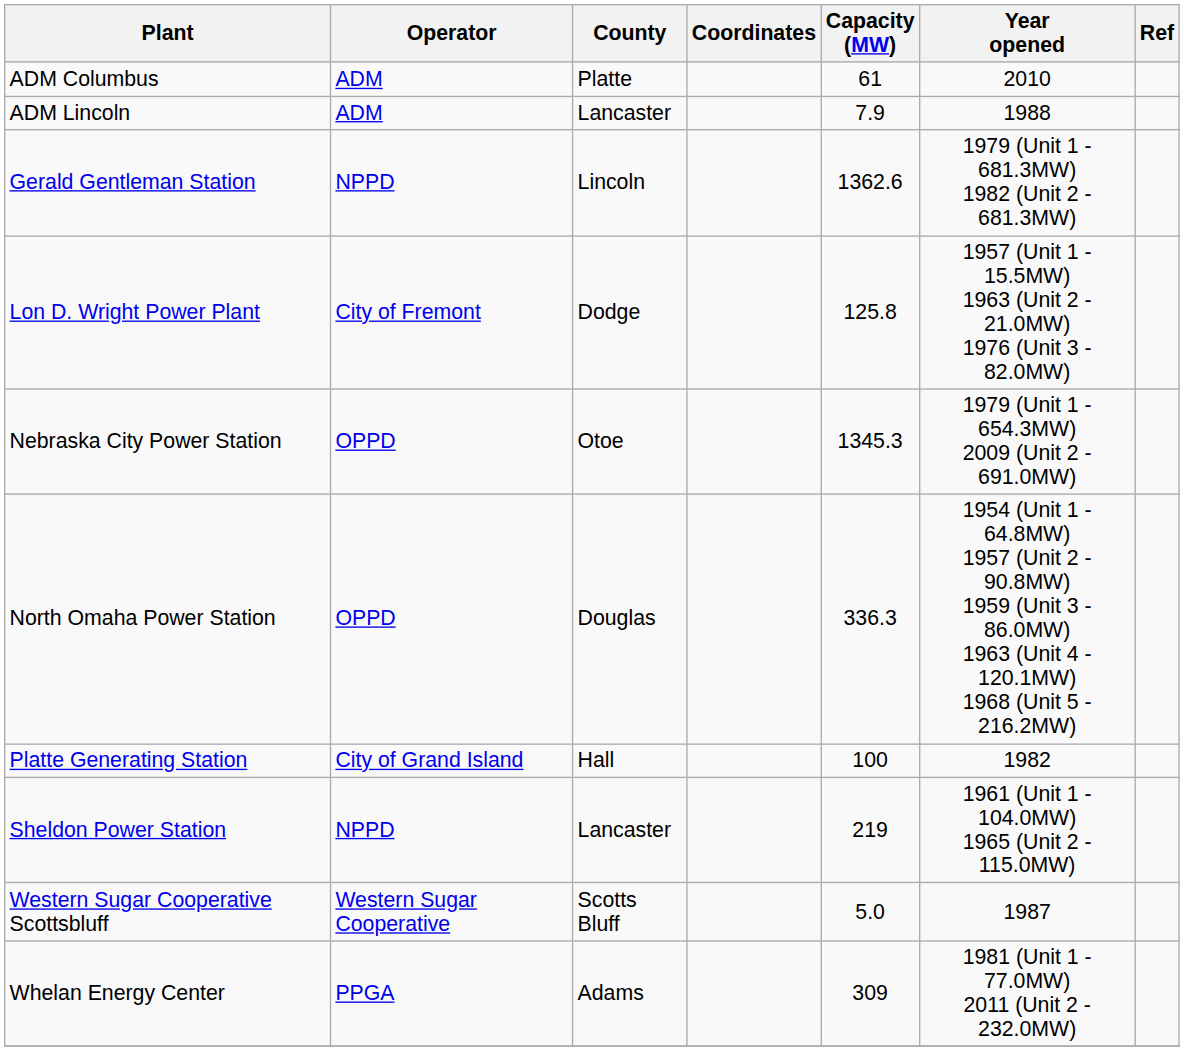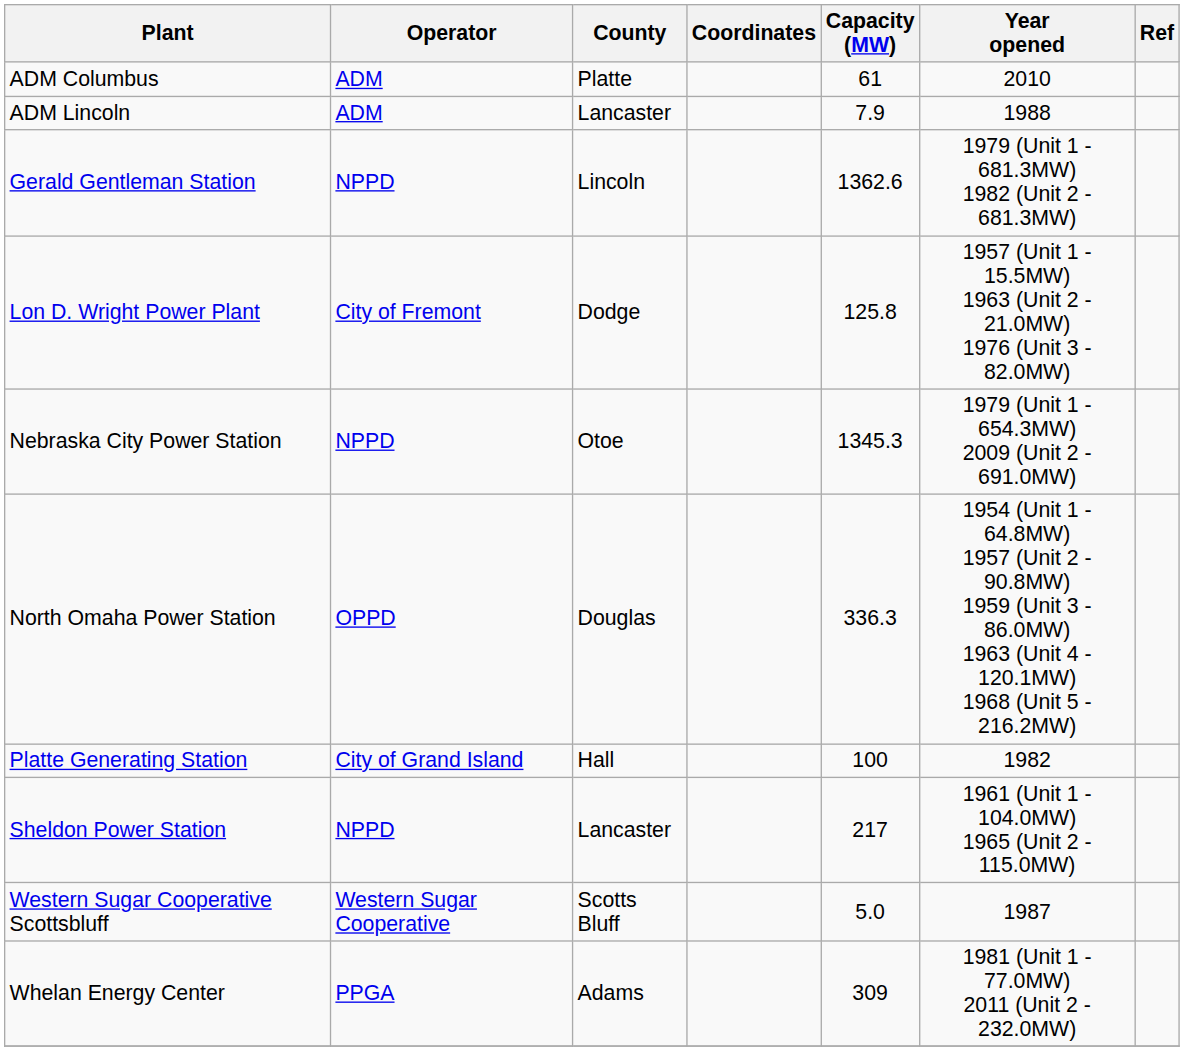 <table class="wikitable sortable" width="100%">
 <tr>
 <th>Plant</th>
 <th>Operator</th>
 <th>County</th>
 <th>Coordinates</th>
 <th>Capacity<br>(<a href='#'>MW</a>)</th>
 <th>Year<br>opened</th>
 <th>Ref</th>
 </tr>
 <tr>
 <td>ADM Columbus</td>
 <td><a href='#'>ADM</a></td>
 <td>Platte</td>
 <td></td>
 <td align="center">61</td>
 <td align="center">2010</td>
 <td></td>
 </tr>
 <tr>
 <td>ADM Lincoln</td>
 <td><a href='#'>ADM</a></td>
 <td>Lancaster</td>
 <td></td>
 <td align="center">7.9</td>
 <td align="center">1988</td>
 <td></td>
 </tr>
 <tr>
 <td><a href='#'>Gerald Gentleman Station</a></td>
 <td><a href='#'>NPPD</a></td>
 <td>Lincoln</td>
 <td></td>
 <td align="center">1362.6</td>
 <td align="center">1979 (Unit 1 - 681.3MW)<br>1982 (Unit 2 - 681.3MW)</td>
 <td></td>
 </tr>
 <tr>
 <td><a href='#'>Lon D. Wright Power Plant</a></td>
 <td><a href='#'>City of Fremont</a></td>
 <td>Dodge</td>
 <td></td>
 <td align="center">125.8</td>
 <td align="center">1957 (Unit 1 - 15.5MW)<br>1963 (Unit 2 - 21.0MW)<br>1976 (Unit 3 - 82.0MW)</td>
 <td></td>
 </tr>
 <tr>
 <td>Nebraska City Power Station</td>
-<td><a href='#'>OPPD</a></td>
+<td><a href='#'>NPPD</a></td>
 <td>Otoe</td>
 <td></td>
 <td align="center">1345.3</td>
 <td align="center">1979 (Unit 1 - 654.3MW)<br>2009 (Unit 2 - 691.0MW)</td>
 <td><br> </td>
 </tr>
 <tr>
 <td>North Omaha Power Station</td>
 <td><a href='#'>OPPD</a></td>
 <td>Douglas</td>
 <td></td>
 <td align="center">336.3</td>
 <td align="center">1954 (Unit 1 - 64.8MW)<br>1957 (Unit 2 - 90.8MW)<br>1959 (Unit 3 - 86.0MW)<br>1963 (Unit 4 - 120.1MW)<br>1968 (Unit 5 - 216.2MW)</td>
 <td></td>
 </tr>
 <tr>
 <td><a href='#'>Platte Generating Station</a></td>
 <td><a href='#'>City of Grand Island</a></td>
 <td>Hall</td>
 <td></td>
 <td align="center">100</td>
 <td align="center">1982</td>
 <td></td>
 </tr>
 <tr>
 <td><a href='#'>Sheldon Power Station</a></td>
 <td><a href='#'>NPPD</a></td>
 <td>Lancaster</td>
 <td></td>
-<td align="center">219</td>
+<td align="center">217</td>
 <td align="center">1961 (Unit 1 - 104.0MW)<br>1965 (Unit 2 - 115.0MW)</td>
 <td></td>
 </tr>
 <tr>
 <td><a href='#'>Western Sugar Cooperative</a> Scottsbluff</td>
 <td><a href='#'>Western Sugar Cooperative</a></td>
 <td>Scotts Bluff</td>
 <td></td>
 <td align="center">5.0</td>
 <td align="center">1987</td>
 <td></td>
 </tr>
 <tr>
 <td>Whelan Energy Center</td>
 <td><a href='#'>PPGA</a></td>
 <td>Adams</td>
 <td></td>
 <td align="center">309</td>
 <td align="center">1981 (Unit 1 - 77.0MW)<br>2011 (Unit 2 - 232.0MW)</td>
 <td></td>
 </tr>
 <tr>
 </tr>
 </table>
